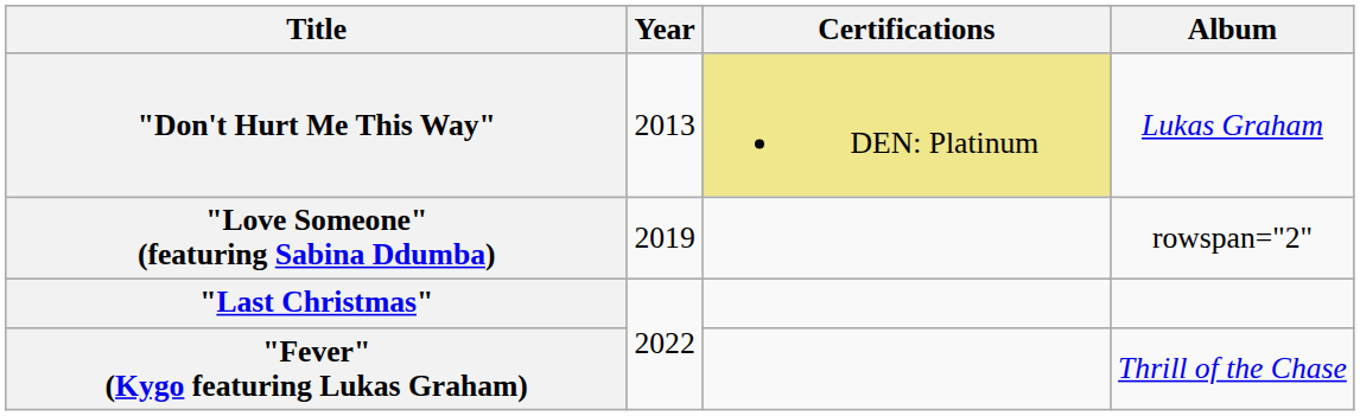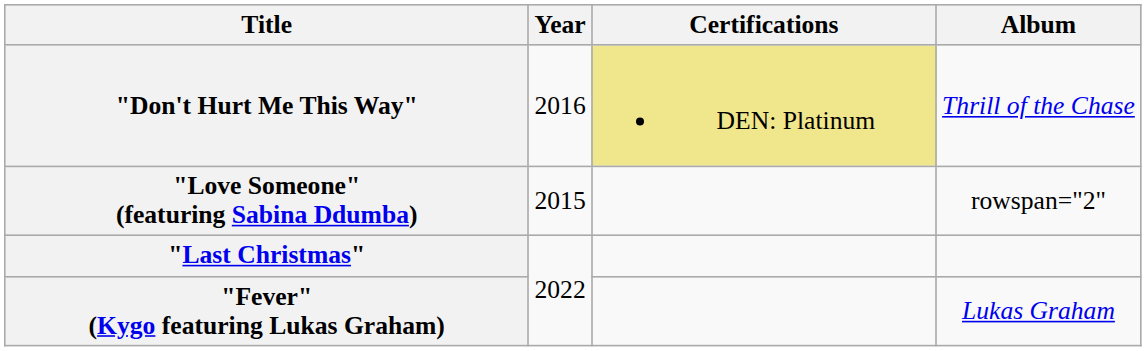 <table class="wikitable plainrowheaders" style="text-align:center;">
 <tr>
 <th scope="col" style="width:20em;">Title</th>
 <th scope="col" style="width:1em;">Year</th>
 <th scope="col" style="width:13em;">Certifications</th>
 <th scope="col">Album</th>
 </tr>
 <tr>
 <th scope="row">"Don't Hurt Me This Way"</th>
-<td>2013</td>
+<td>2016</td>
 <td style="background: khaki;"><br><ul><li>DEN: Platinum</li></ul></td>
-<td><em><a href='#'>Lukas Graham</a></em></td>
+<td><em><a href='#'>Thrill of the Chase</a></em></td>
 </tr>
 <tr>
 <th scope="row">"Love Someone"<br><span>(featuring <a href='#'>Sabina Ddumba</a>)</span></th>
-<td>2019</td>
+<td>2015</td>
 <td></td>
 <td>rowspan="2"  </td>
 </tr>
 <tr>
 <th scope="row">"<a href='#'>Last Christmas</a>"</th>
 <td rowspan="2">2022</td>
 <td></td>
 </tr>
 <tr>
 <th scope="row">"Fever"<br><span>(<a href='#'>Kygo</a> featuring Lukas Graham)</span></th>
 <td></td>
-<td><em><a href='#'>Thrill of the Chase</a></em></td>
+<td><em><a href='#'>Lukas Graham</a></em></td>
 </tr>
 </table>
